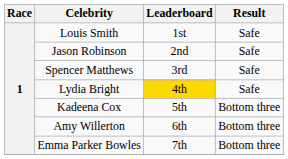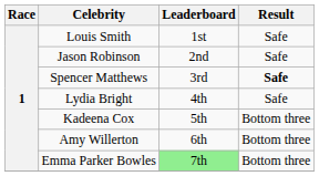 <table class="wikitable plainrowheaders" style="text-align:center;">
 <tr>
 <th>Race</th>
 <th>Celebrity</th>
 <th>Leaderboard</th>
 <th>Result</th>
 </tr>
 <tr>
 <th rowspan=7>1</th>
 <td>Louis Smith</td>
 <td>1st</td>
 <td>Safe</td>
 </tr>
 <tr>
 <td>Jason Robinson</td>
 <td>2nd</td>
 <td>Safe</td>
 </tr>
 <tr>
 <td>Spencer Matthews</td>
 <td>3rd</td>
-<td>Safe</td>
+<td><strong>Safe</strong></td>
 </tr>
 <tr>
 <td>Lydia Bright</td>
-<td style="background: gold;">4th</td>
+<td>4th</td>
 <td>Safe</td>
 </tr>
 <tr>
 <td>Kadeena Cox</td>
 <td>5th</td>
 <td>Bottom three</td>
 </tr>
 <tr>
 <td>Amy Willerton</td>
 <td>6th</td>
 <td>Bottom three</td>
 </tr>
 <tr>
 <td>Emma Parker Bowles</td>
-<td>7th</td>
+<td style="background: lightgreen;">7th</td>
 <td>Bottom three</td>
 </tr>
 <tr>
 </tr>
 </table>
